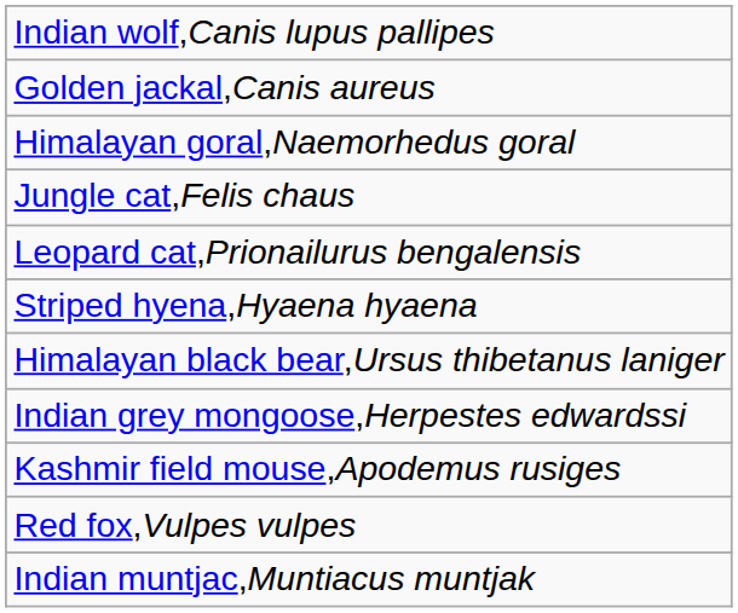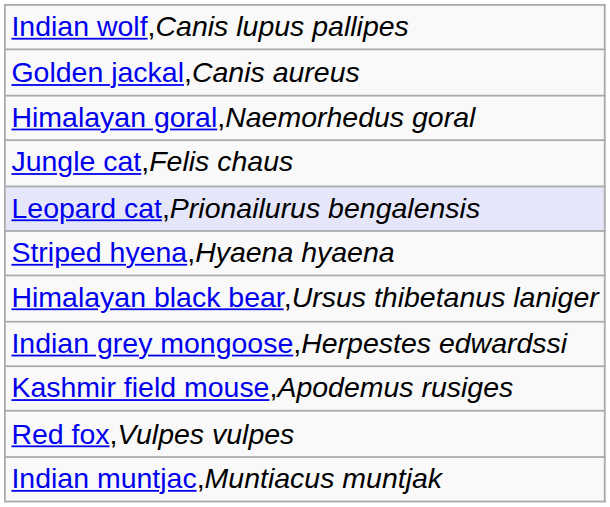 <table class="wikitable">
 <tr>
 <td><a href='#'>Indian wolf</a>,<em>Canis lupus pallipes</em></td>
 </tr>
 <tr>
 <td><a href='#'>Golden jackal</a>,<em>Canis aureus</em></td>
 </tr>
 <tr>
 <td><a href='#'>Himalayan goral</a>,<em>Naemorhedus goral</em></td>
 </tr>
 <tr>
 <td><a href='#'>Jungle cat</a>,<em>Felis chaus</em></td>
 </tr>
 <tr>
-<td><a href='#'>Leopard cat</a>,<em>Prionailurus bengalensis</em></td>
+<td style="background: lavender;"><a href='#'>Leopard cat</a>,<em>Prionailurus bengalensis</em></td>
 </tr>
 <tr>
 <td><a href='#'>Striped hyena</a>,<em>Hyaena hyaena</em></td>
 </tr>
 <tr>
 <td><a href='#'>Himalayan black bear</a>,<em>Ursus thibetanus laniger</em></td>
 </tr>
 <tr>
 <td><a href='#'>Indian grey mongoose</a>,<em>Herpestes edwardssi</em></td>
 </tr>
 <tr>
 <td><a href='#'>Kashmir field mouse</a>,<em>Apodemus rusiges</em></td>
 </tr>
 <tr>
 <td><a href='#'>Red fox</a>,<em>Vulpes vulpes</em></td>
 </tr>
 <tr>
 <td><a href='#'>Indian muntjac</a>,<em>Muntiacus muntjak</em></td>
 </tr>
 </table>
